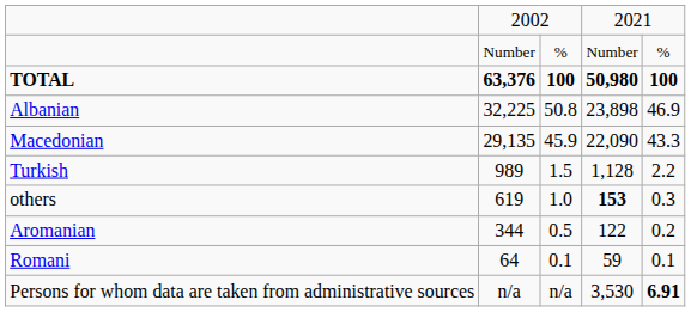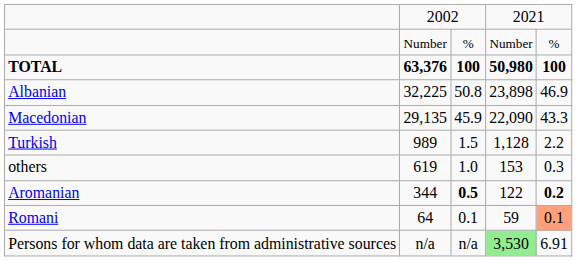 <table class="wikitable">
 <tr>
 <td></td>
 <td colspan="2" align="center">2002</td>
 <td colspan="2" align="center">2021</td>
 </tr>
 <tr>
 <td></td>
 <td align="center"><small>Number</small></td>
 <td align="center"><small>%</small></td>
 <td align="center"><small>Number</small></td>
 <td align="center"><small>%</small></td>
 </tr>
 <tr>
 <td><strong>TOTAL</strong></td>
 <td align="center"><strong>63,376</strong></td>
 <td align="center"><strong>100</strong></td>
 <td align="center"><strong>50,980</strong></td>
 <td align="center"><strong>100</strong></td>
 </tr>
 <tr>
 <td><a href='#'>Albanian</a></td>
 <td align="center">32,225</td>
 <td align="center">50.8</td>
 <td align="center">23,898</td>
 <td align="center">46.9</td>
 </tr>
 <tr>
 <td><a href='#'>Macedonian</a></td>
 <td align="center">29,135</td>
 <td align="center">45.9</td>
 <td align="center">22,090</td>
 <td align="center">43.3</td>
 </tr>
 <tr>
 <td><a href='#'>Turkish</a></td>
 <td align="center">989</td>
 <td align="center">1.5</td>
 <td align="center">1,128</td>
 <td align="center">2.2</td>
 </tr>
 <tr>
 <td>others</td>
 <td align="center">619</td>
 <td align="center">1.0</td>
-<td align="center"><strong>153</strong></td>
+<td align="center">153</td>
 <td align="center">0.3</td>
 </tr>
 <tr>
 <td><a href='#'>Aromanian</a></td>
 <td align="center">344</td>
-<td align="center">0.5</td>
+<td align="center"><strong>0.5</strong></td>
 <td align="center">122</td>
-<td align="center">0.2</td>
+<td align="center"><strong>0.2</strong></td>
 </tr>
 <tr>
 <td><a href='#'>Romani</a></td>
 <td align="center">64</td>
 <td align="center">0.1</td>
 <td align="center">59</td>
-<td align="center">0.1</td>
+<td align="center" style="background: lightsalmon;">0.1</td>
 </tr>
 <tr>
 <td>Persons for whom data are taken from administrative sources</td>
 <td align="center">n/a</td>
 <td align="center">n/a</td>
-<td align="center">3,530</td>
-<td align="center"><strong>6.91</strong></td>
+<td align="center" style="background: lightgreen;">3,530</td>
+<td align="center">6.91</td>
 </tr>
 </table>
